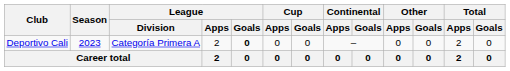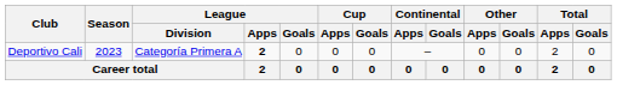 <table class=wikitable style=text-align:center>
 <tr>
 <th rowspan="2">Club</th>
 <th rowspan="2">Season</th>
 <th colspan="3">League</th>
 <th colspan="2">Cup</th>
 <th colspan="2">Continental</th>
 <th colspan="2">Other</th>
 <th colspan="2">Total</th>
 </tr>
 <tr>
 <th>Division</th>
 <th>Apps</th>
 <th>Goals</th>
 <th>Apps</th>
 <th>Goals</th>
 <th>Apps</th>
 <th>Goals</th>
 <th>Apps</th>
 <th>Goals</th>
 <th>Apps</th>
 <th>Goals</th>
 </tr>
 <tr>
 <td><a href='#'>Deportivo Cali</a></td>
 <td><a href='#'>2023</a></td>
 <td><a href='#'>Categoría Primera A</a></td>
-<td>2</td>
-<td><strong>0</strong></td>
+<td><strong>2</strong></td>
+<td>0</td>
 <td>0</td>
 <td>0</td>
 <td colspan="2">–</td>
 <td>0</td>
 <td>0</td>
 <td>2</td>
 <td>0</td>
 </tr>
 <tr>
 <th colspan="3"><strong>Career total</strong></th>
 <th>2</th>
 <th>0</th>
 <th>0</th>
 <th>0</th>
 <th>0</th>
 <th>0</th>
 <th>0</th>
 <th>0</th>
 <th>2</th>
 <th>0</th>
 </tr>
 </table>
